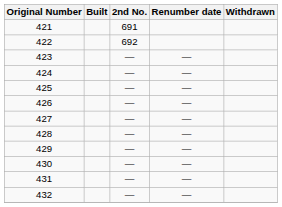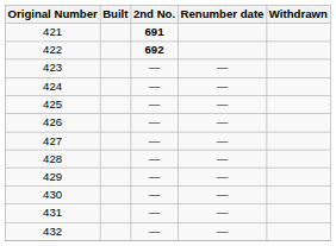 <table class="wikitable sortable mw-collapsible">
 <tr>
 <th>Original Number</th>
 <th>Built</th>
 <th>2nd No.</th>
 <th>Renumber date</th>
 <th>Withdrawn</th>
 </tr>
 <tr style=text-align:center>
 <td>421</td>
 <td></td>
-<td>691</td>
+<td><strong>691</strong></td>
 <td></td>
 <td></td>
 </tr>
 <tr style=text-align:center>
 <td>422</td>
 <td></td>
-<td>692</td>
+<td><strong>692</strong></td>
 <td></td>
 <td></td>
 </tr>
 <tr style=text-align:center>
 <td>423</td>
 <td></td>
 <td>—</td>
 <td>—</td>
 <td></td>
 </tr>
 <tr style=text-align:center>
 <td>424</td>
 <td></td>
 <td>—</td>
 <td>—</td>
 <td></td>
 </tr>
 <tr style=text-align:center>
 <td>425</td>
 <td></td>
 <td>—</td>
 <td>—</td>
 <td></td>
 </tr>
 <tr style=text-align:center>
 <td>426</td>
 <td></td>
 <td>—</td>
 <td>—</td>
 <td></td>
 </tr>
 <tr style=text-align:center>
 <td>427</td>
 <td></td>
 <td>—</td>
 <td>—</td>
 <td></td>
 </tr>
 <tr style=text-align:center>
 <td>428</td>
 <td></td>
 <td>—</td>
 <td>—</td>
 <td></td>
 </tr>
 <tr style=text-align:center>
 <td>429</td>
 <td></td>
 <td>—</td>
 <td>—</td>
 <td></td>
 </tr>
 <tr style=text-align:center>
 <td>430</td>
 <td></td>
 <td>—</td>
 <td>—</td>
 <td></td>
 </tr>
 <tr style=text-align:center>
 <td>431</td>
 <td></td>
 <td>—</td>
 <td>—</td>
 <td></td>
 </tr>
 <tr style=text-align:center>
 <td>432</td>
 <td></td>
 <td>—</td>
 <td>—</td>
 <td></td>
 </tr>
 <tr>
 </tr>
 </table>
